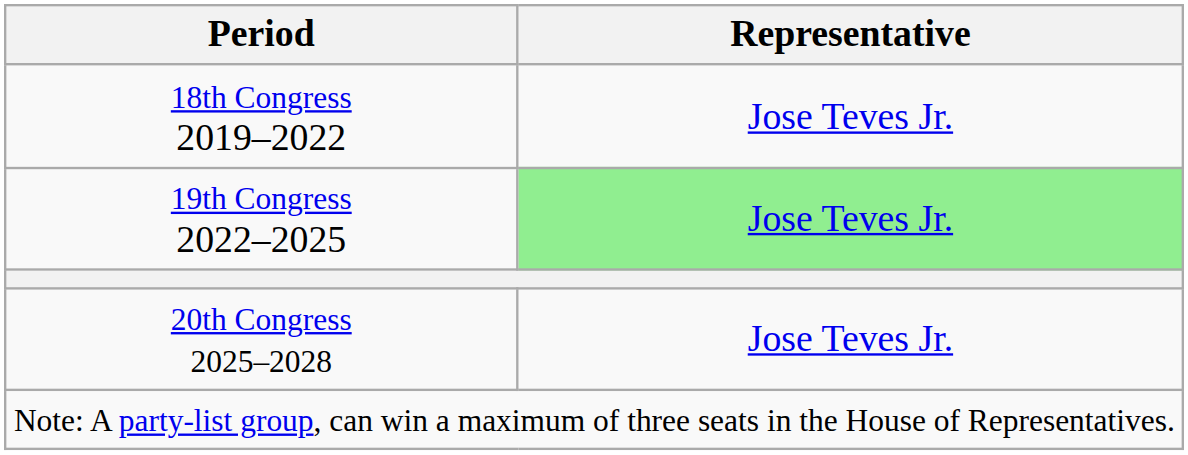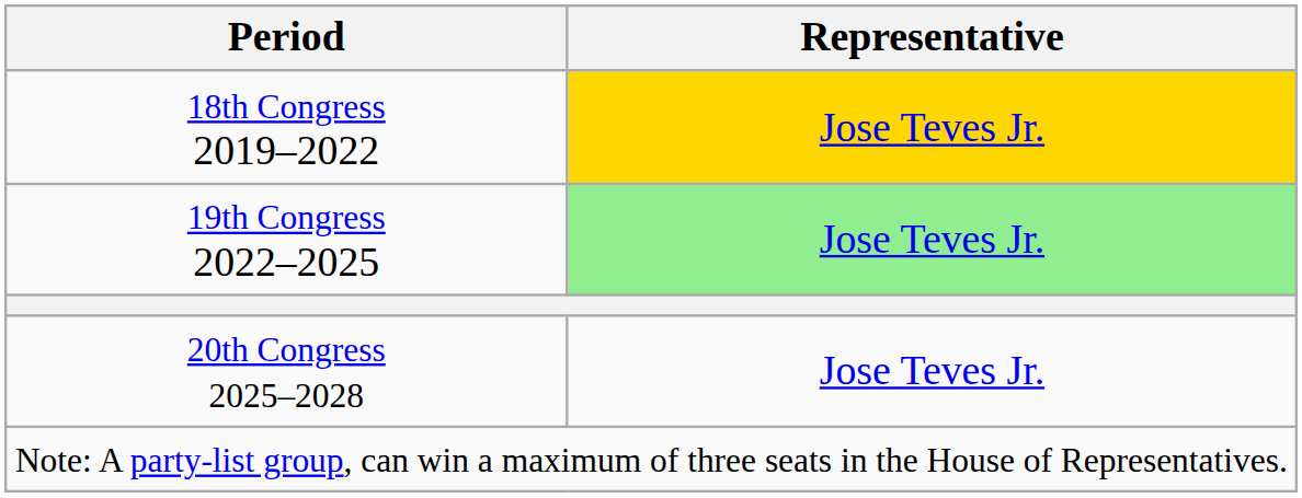 <table class="wikitable"; style="text-align:center">
 <tr>
 <th>Period</th>
 <th>Representative</th>
 </tr>
 <tr>
 <td><small><a href='#'>18th Congress</a></small><br>2019–2022</td>
-<td><a href='#'>Jose Teves Jr.</a></td>
+<td style="background: gold;"><a href='#'>Jose Teves Jr.</a></td>
 </tr>
 <tr>
 <td><small><a href='#'>19th Congress</a></small><br>2022–2025</td>
 <td style="background: lightgreen;"><a href='#'>Jose Teves Jr.</a></td>
 </tr>
 <tr>
 <th colspan=2></th>
 </tr>
 <tr>
 <td><small><a href='#'>20th Congress</a><br>2025–2028</small><br></td>
 <td><a href='#'>Jose Teves Jr.</a></td>
 </tr>
 <tr>
 <td colspan=2><small>Note: A <a href='#'>party-list group</a>, can win a maximum of three seats in the House of Representatives.</small></td>
 </tr>
 </table>
